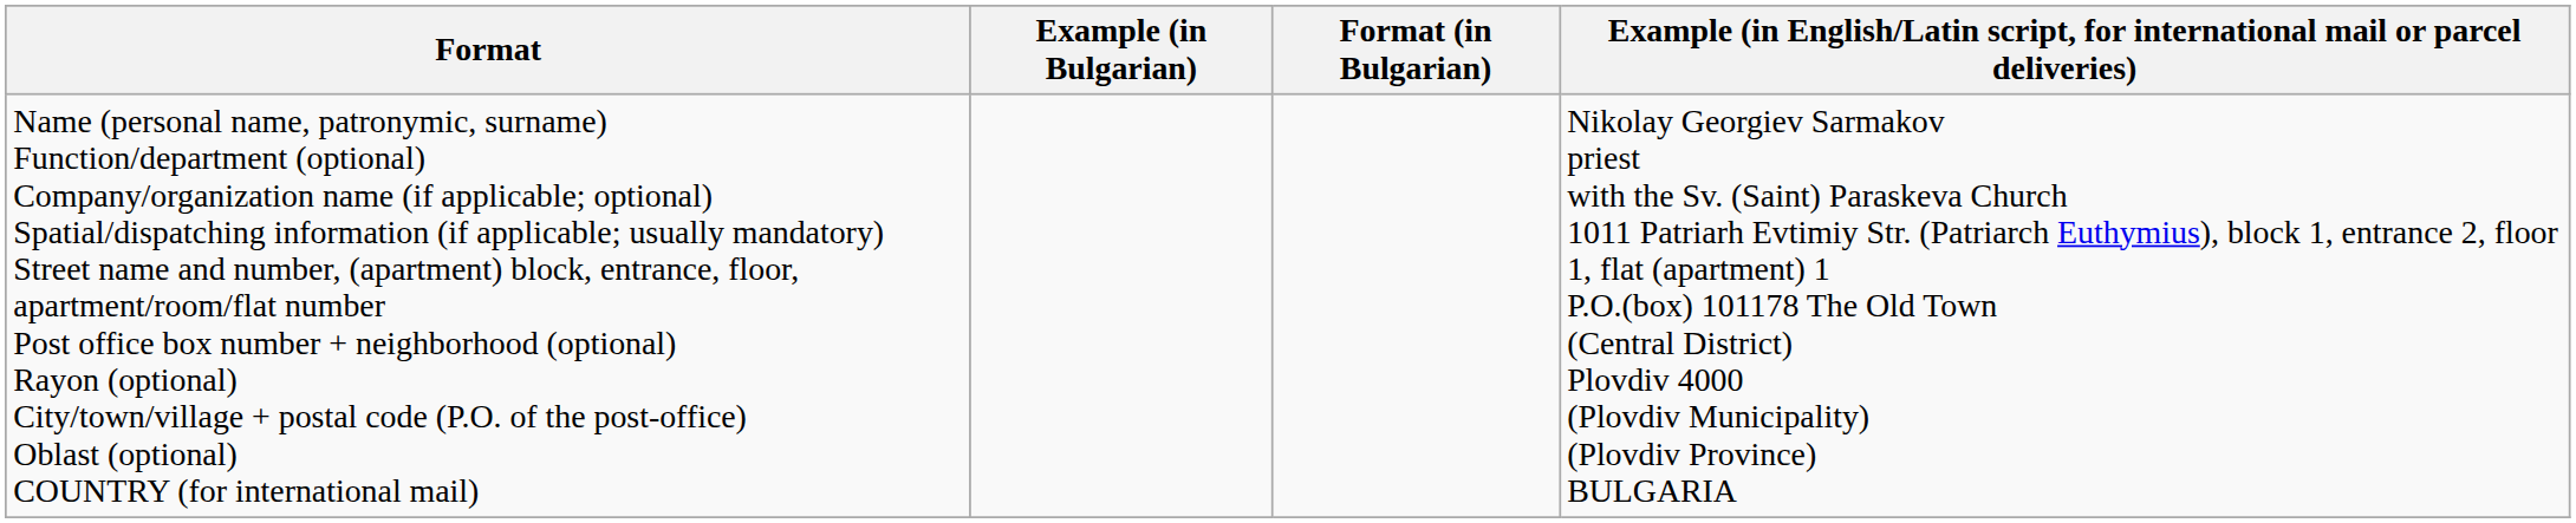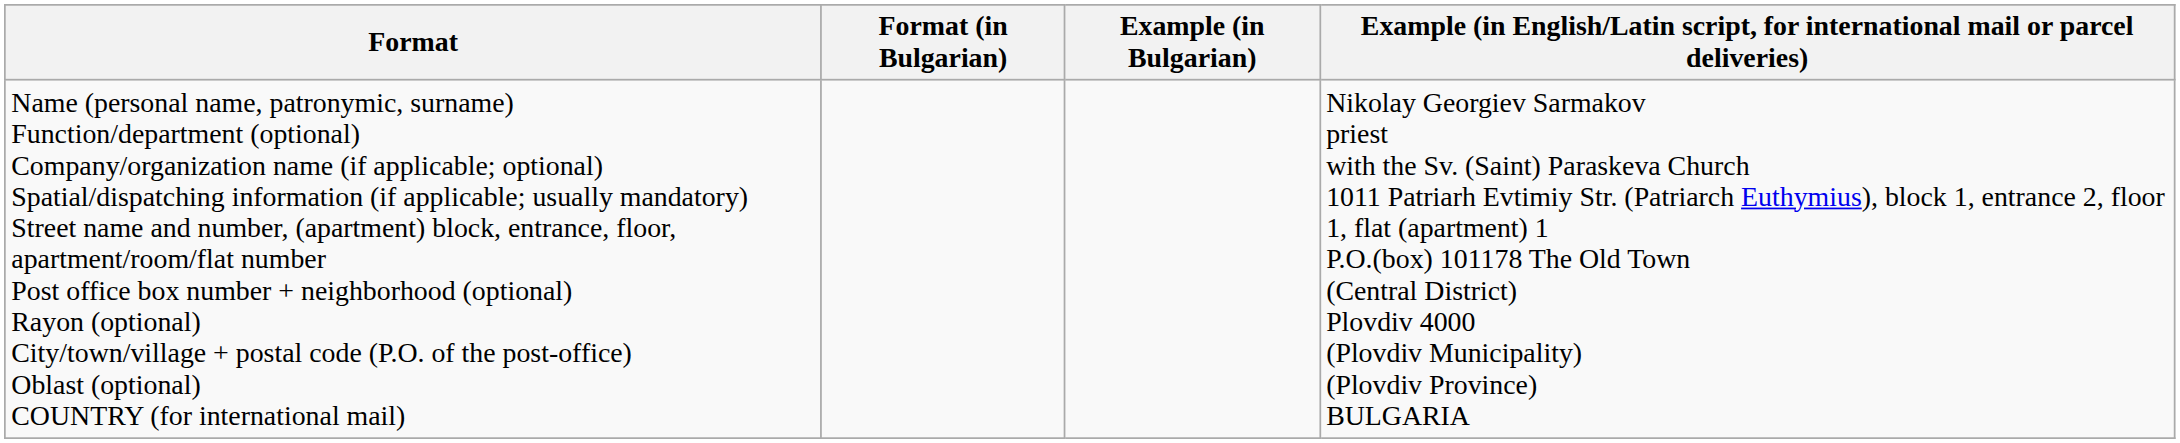 <table class="wikitable">
 <tr>
 <th>Format</th>
+<th>Format (in Bulgarian)</th>
 <th>Example (in Bulgarian)</th>
-<th>Format (in Bulgarian)</th>
 <th>Example (in English/Latin script, for international mail or parcel deliveries)</th>
 </tr>
 <tr>
 <td>Name (personal name, patronymic, surname) <br> Function/department (optional) <br> Company/organization name (if applicable; optional) <br> Spatial/dispatching information (if applicable; usually mandatory) <br> Street name and number, (apartment) block, entrance, floor, apartment/room/flat number <br> Post office box number + neighborhood (optional) <br> Rayon (optional) <br> City/town/village + postal code (P.O. of the post-office) <br> Oblast (optional) <br> COUNTRY (for international mail)</td>
 <td></td>
 <td></td>
 <td>Nikolay Georgiev Sarmakov <br> priest <br>with the Sv. (Saint) Paraskeva Church <br> 1011 Patriarh Evtimiy Str. (Patriarch <a href='#'>Euthymius</a>), block 1, entrance 2, floor 1, flat (apartment) 1<br>P.O.(box) 101178 The Old Town<br>(Central District)<br>Plovdiv 4000<br>(Plovdiv Municipality)<br>(Plovdiv Province)<br>BULGARIA</td>
 </tr>
 </table>
